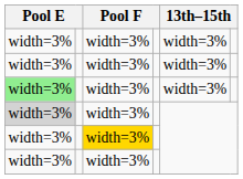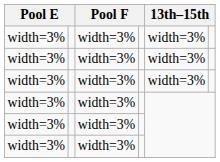 <table class="wikitable">
 <tr>
 <th colspan=2 !width=25%>Pool E</th>
 <th colspan=2 !width=25%>Pool F</th>
 <th colspan=2 !width=25%>13th–15th</th>
 </tr>
 <tr>
 <td>width=3% </td>
 <td></td>
 <td>width=3% </td>
 <td></td>
 <td>width=3% </td>
 <td></td>
 </tr>
 <tr>
 <td>width=3% </td>
 <td></td>
 <td>width=3% </td>
 <td></td>
 <td>width=3% </td>
 <td></td>
 </tr>
 <tr>
-<td style="background: lightgreen;">width=3% </td>
+<td>width=3% </td>
 <td></td>
 <td>width=3% </td>
 <td></td>
 <td>width=3% </td>
 <td></td>
 </tr>
 <tr>
-<td style="background: lightgrey;">width=3% </td>
+<td>width=3% </td>
 <td></td>
 <td>width=3% </td>
 <td></td>
 </tr>
 <tr>
 <td>width=3% </td>
 <td></td>
-<td style="background: gold;">width=3% </td>
+<td>width=3% </td>
 <td></td>
 </tr>
 <tr>
 <td>width=3% </td>
 <td></td>
 <td>width=3% </td>
 <td></td>
 </tr>
 </table>
